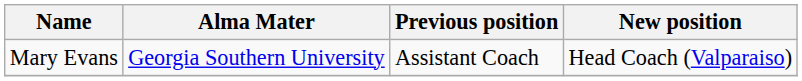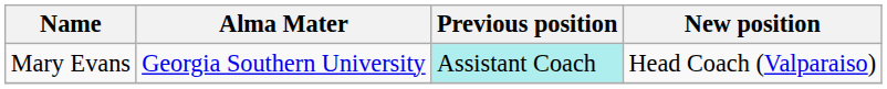 <table class="wikitable sortable" border="1">
 <tr align=center>
 <th>Name</th>
 <th>Alma Mater</th>
 <th>Previous position</th>
 <th>New position</th>
 </tr>
 <tr>
 <td>Mary Evans</td>
 <td><a href='#'>Georgia Southern University</a></td>
-<td>Assistant Coach</td>
+<td style="background: paleturquoise;">Assistant Coach</td>
 <td>Head Coach (<a href='#'>Valparaiso</a>)</td>
 </tr>
 <tr>
 </tr>
 </table>
